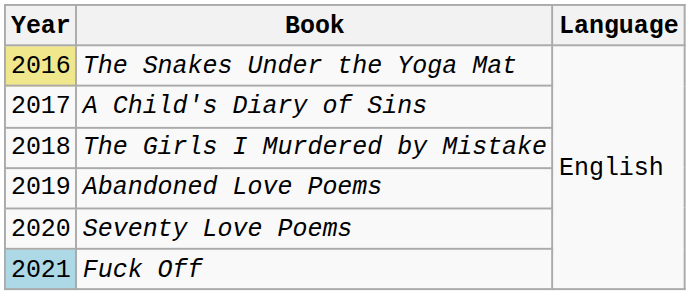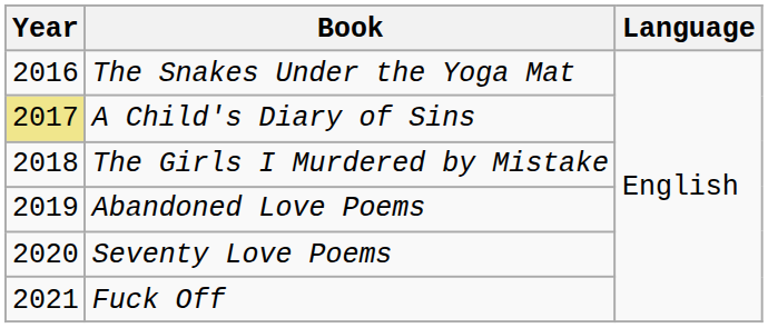 <table class="wikitable">
 <tr>
 <th>Year</th>
 <th>Book</th>
 <th>Language</th>
 </tr>
 <tr>
-<td style="background: khaki;">2016</td>
+<td>2016</td>
 <td><em>The Snakes Under the Yoga Mat</em></td>
 <td rowspan="6">English</td>
 </tr>
 <tr>
-<td>2017</td>
+<td style="background: khaki;">2017</td>
 <td><em>A Child's Diary of Sins</em></td>
 </tr>
 <tr>
 <td>2018</td>
 <td><em>The Girls I Murdered by Mistake</em></td>
 </tr>
 <tr>
 <td>2019</td>
 <td><em>Abandoned Love Poems</em></td>
 </tr>
 <tr>
 <td>2020</td>
 <td><em>Seventy Love Poems</em></td>
 </tr>
 <tr>
-<td style="background: lightblue;">2021</td>
+<td>2021</td>
 <td><em>Fuck Off</em></td>
 </tr>
 </table>
